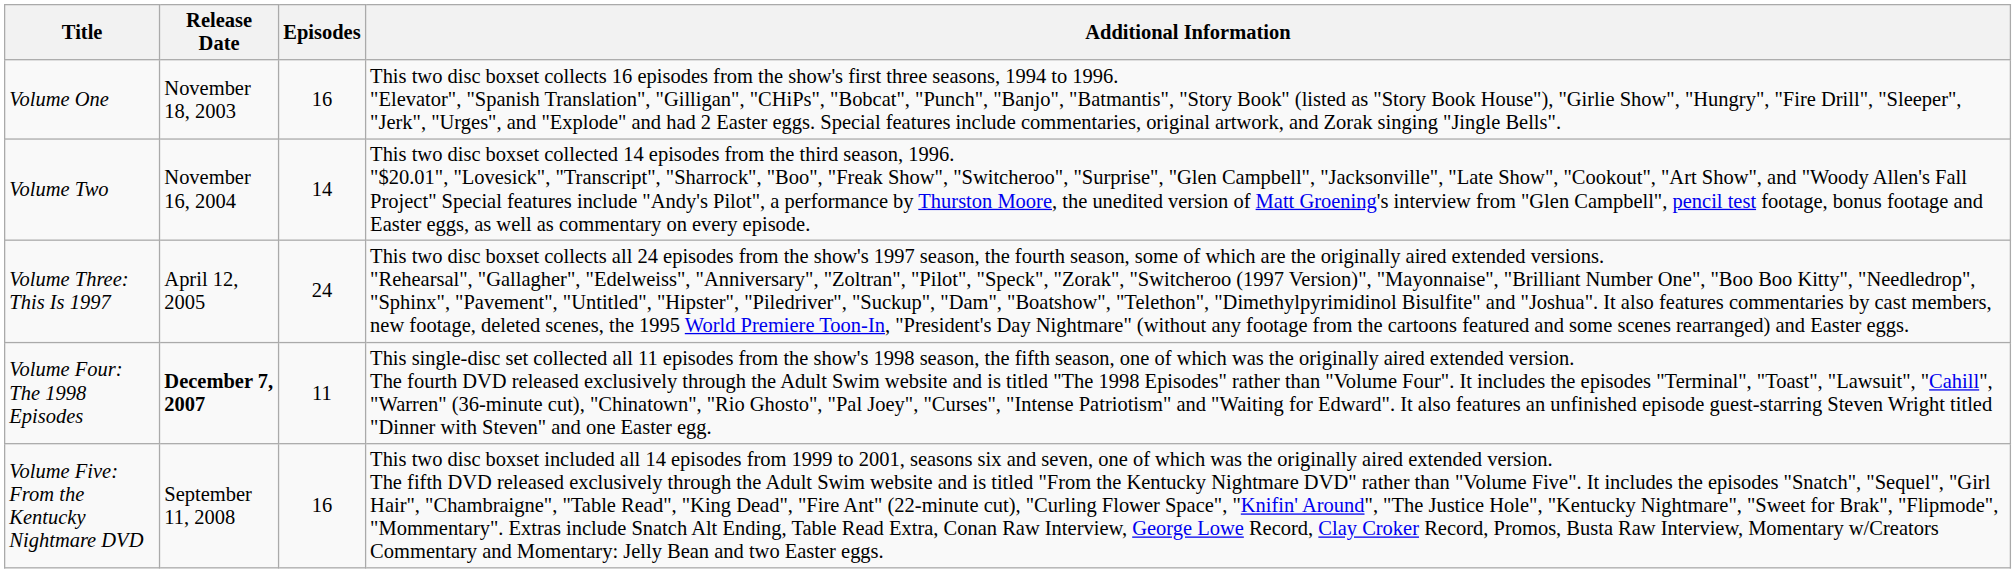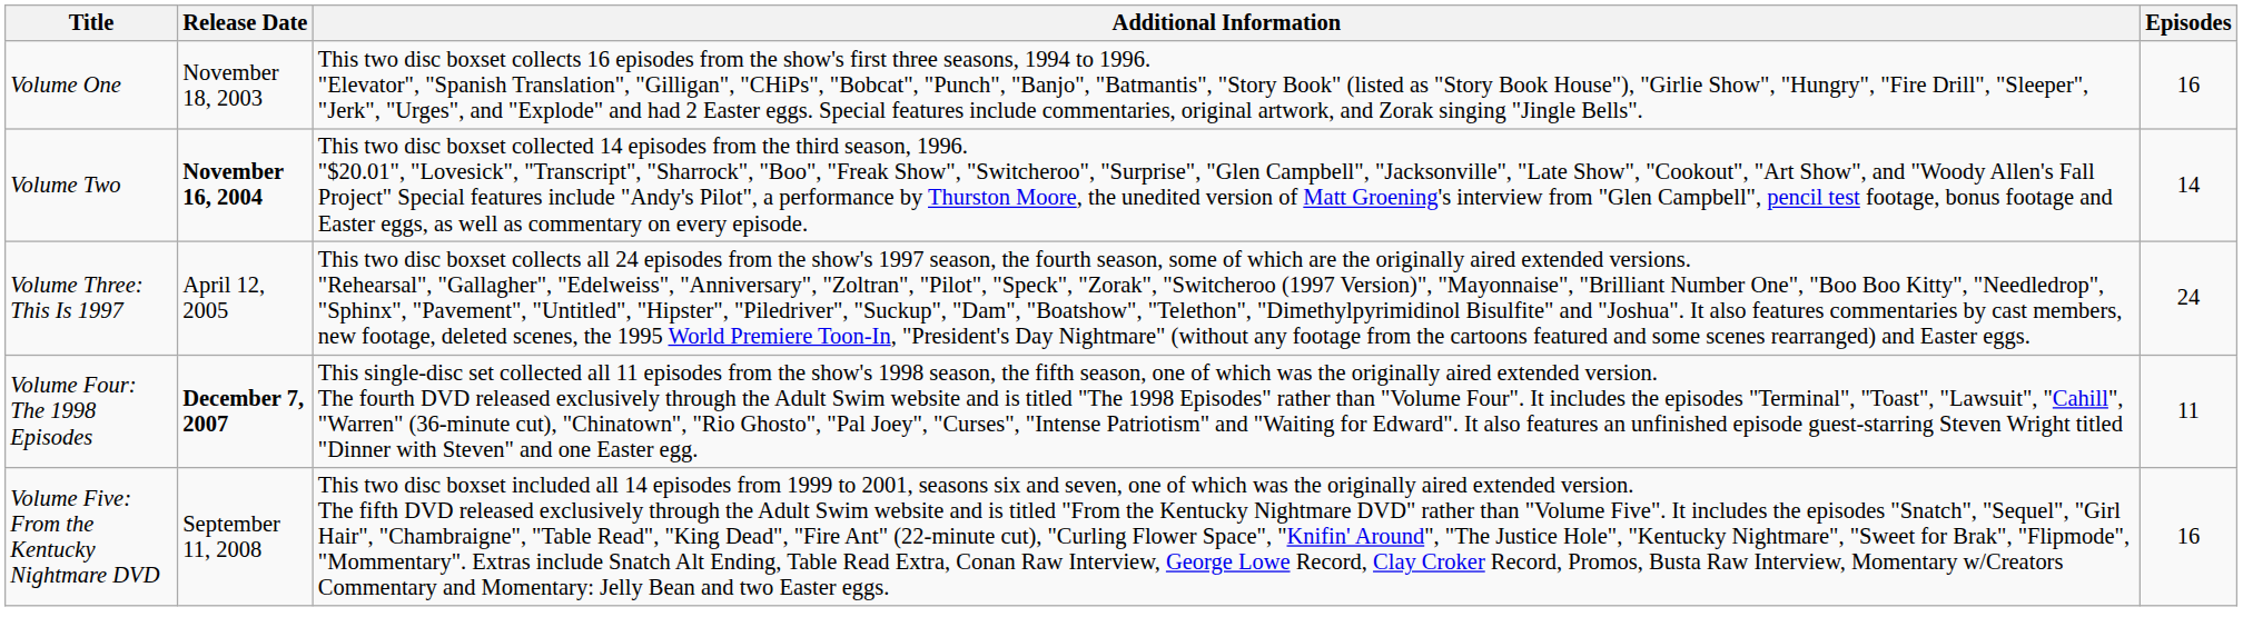 <table class="wikitable">
 <tr>
 <th>Title</th>
 <th>Release Date</th>
+<th>Additional Information</th>
 <th>Episodes</th>
-<th>Additional Information</th>
 </tr>
 <tr>
 <td><em>Volume One</em></td>
 <td>November 18, 2003</td>
+<td>This two disc boxset collects 16 episodes from the show's first three seasons, 1994 to 1996.<br>"Elevator", "Spanish Translation", "Gilligan", "CHiPs", "Bobcat", "Punch", "Banjo", "Batmantis", "Story Book" (listed as "Story Book House"), "Girlie Show", "Hungry", "Fire Drill", "Sleeper", "Jerk", "Urges", and "Explode" and had 2 Easter eggs. Special features include commentaries, original artwork, and Zorak singing "Jingle Bells".</td>
 <td style="text-align:center;">16</td>
-<td>This two disc boxset collects 16 episodes from the show's first three seasons, 1994 to 1996.<br>"Elevator", "Spanish Translation", "Gilligan", "CHiPs", "Bobcat", "Punch", "Banjo", "Batmantis", "Story Book" (listed as "Story Book House"), "Girlie Show", "Hungry", "Fire Drill", "Sleeper", "Jerk", "Urges", and "Explode" and had 2 Easter eggs. Special features include commentaries, original artwork, and Zorak singing "Jingle Bells".</td>
 </tr>
 <tr>
 <td><em>Volume Two</em></td>
-<td>November 16, 2004</td>
+<td><strong>November 16, 2004</strong></td>
+<td>This two disc boxset collected 14 episodes from the third season, 1996.<br>"$20.01", "Lovesick", "Transcript", "Sharrock", "Boo", "Freak Show", "Switcheroo", "Surprise", "Glen Campbell", "Jacksonville", "Late Show", "Cookout", "Art Show", and "Woody Allen's Fall Project" Special features include "Andy's Pilot", a performance by <a href='#'>Thurston Moore</a>, the unedited version of <a href='#'>Matt Groening</a>'s interview from "Glen Campbell", <a href='#'>pencil test</a> footage, bonus footage and Easter eggs, as well as commentary on every episode.</td>
 <td style="text-align:center;">14</td>
-<td>This two disc boxset collected 14 episodes from the third season, 1996.<br>"$20.01", "Lovesick", "Transcript", "Sharrock", "Boo", "Freak Show", "Switcheroo", "Surprise", "Glen Campbell", "Jacksonville", "Late Show", "Cookout", "Art Show", and "Woody Allen's Fall Project" Special features include "Andy's Pilot", a performance by <a href='#'>Thurston Moore</a>, the unedited version of <a href='#'>Matt Groening</a>'s interview from "Glen Campbell", <a href='#'>pencil test</a> footage, bonus footage and Easter eggs, as well as commentary on every episode.</td>
 </tr>
 <tr>
 <td><em>Volume Three: <br>This Is 1997</em></td>
 <td>April 12, 2005</td>
+<td>This two disc boxset collects all 24 episodes from the show's 1997 season, the fourth season, some of which are the originally aired extended versions.<br>"Rehearsal", "Gallagher", "Edelweiss", "Anniversary", "Zoltran", "Pilot", "Speck", "Zorak", "Switcheroo (1997 Version)", "Mayonnaise", "Brilliant Number One", "Boo Boo Kitty", "Needledrop", "Sphinx", "Pavement", "Untitled", "Hipster", "Piledriver", "Suckup", "Dam", "Boatshow", "Telethon", "Dimethylpyrimidinol Bisulfite" and "Joshua". It also features commentaries by cast members, new footage, deleted scenes, the 1995 <a href='#'>World Premiere Toon-In</a>, "President's Day Nightmare" (without any footage from the cartoons featured and some scenes rearranged) and Easter eggs.</td>
 <td style="text-align:center;">24</td>
-<td>This two disc boxset collects all 24 episodes from the show's 1997 season, the fourth season, some of which are the originally aired extended versions.<br>"Rehearsal", "Gallagher", "Edelweiss", "Anniversary", "Zoltran", "Pilot", "Speck", "Zorak", "Switcheroo (1997 Version)", "Mayonnaise", "Brilliant Number One", "Boo Boo Kitty", "Needledrop", "Sphinx", "Pavement", "Untitled", "Hipster", "Piledriver", "Suckup", "Dam", "Boatshow", "Telethon", "Dimethylpyrimidinol Bisulfite" and "Joshua". It also features commentaries by cast members, new footage, deleted scenes, the 1995 <a href='#'>World Premiere Toon-In</a>, "President's Day Nightmare" (without any footage from the cartoons featured and some scenes rearranged) and Easter eggs.</td>
 </tr>
 <tr>
 <td><em>Volume Four: <br>The 1998 Episodes</em></td>
 <td><strong>December 7, 2007</strong></td>
+<td>This single-disc set collected all 11 episodes from the show's 1998 season, the fifth season, one of which was the originally aired extended version.<br>The fourth DVD released exclusively through the Adult Swim website and is titled "The 1998 Episodes" rather than "Volume Four". It includes the episodes "Terminal", "Toast", "Lawsuit", "<a href='#'>Cahill</a>", "Warren" (36-minute cut), "Chinatown", "Rio Ghosto", "Pal Joey", "Curses", "Intense Patriotism" and "Waiting for Edward". It also features an unfinished episode guest-starring Steven Wright titled "Dinner with Steven" and one Easter egg.</td>
 <td style="text-align:center;">11</td>
-<td>This single-disc set collected all 11 episodes from the show's 1998 season, the fifth season, one of which was the originally aired extended version.<br>The fourth DVD released exclusively through the Adult Swim website and is titled "The 1998 Episodes" rather than "Volume Four". It includes the episodes "Terminal", "Toast", "Lawsuit", "<a href='#'>Cahill</a>", "Warren" (36-minute cut), "Chinatown", "Rio Ghosto", "Pal Joey", "Curses", "Intense Patriotism" and "Waiting for Edward". It also features an unfinished episode guest-starring Steven Wright titled "Dinner with Steven" and one Easter egg.</td>
 </tr>
 <tr>
 <td><em>Volume Five: <br>From the Kentucky Nightmare DVD</em></td>
 <td>September 11, 2008</td>
+<td>This two disc boxset included all 14 episodes from 1999 to 2001, seasons six and seven, one of which was the originally aired extended version.<br>The fifth DVD released exclusively through the Adult Swim website and is titled "From the Kentucky Nightmare DVD" rather than "Volume Five". It includes the episodes "Snatch", "Sequel", "Girl Hair", "Chambraigne", "Table Read", "King Dead", "Fire Ant" (22-minute cut), "Curling Flower Space", "<a href='#'>Knifin' Around</a>", "The Justice Hole", "Kentucky Nightmare", "Sweet for Brak", "Flipmode", "Mommentary". Extras include Snatch Alt Ending, Table Read Extra, Conan Raw Interview, <a href='#'>George Lowe</a> Record, <a href='#'>Clay Croker</a> Record, Promos, Busta Raw Interview, Momentary w/Creators Commentary and Momentary: Jelly Bean and two Easter eggs.</td>
 <td style="text-align:center;">16</td>
-<td>This two disc boxset included all 14 episodes from 1999 to 2001, seasons six and seven, one of which was the originally aired extended version.<br>The fifth DVD released exclusively through the Adult Swim website and is titled "From the Kentucky Nightmare DVD" rather than "Volume Five". It includes the episodes "Snatch", "Sequel", "Girl Hair", "Chambraigne", "Table Read", "King Dead", "Fire Ant" (22-minute cut), "Curling Flower Space", "<a href='#'>Knifin' Around</a>", "The Justice Hole", "Kentucky Nightmare", "Sweet for Brak", "Flipmode", "Mommentary". Extras include Snatch Alt Ending, Table Read Extra, Conan Raw Interview, <a href='#'>George Lowe</a> Record, <a href='#'>Clay Croker</a> Record, Promos, Busta Raw Interview, Momentary w/Creators Commentary and Momentary: Jelly Bean and two Easter eggs.</td>
 </tr>
 </table>
